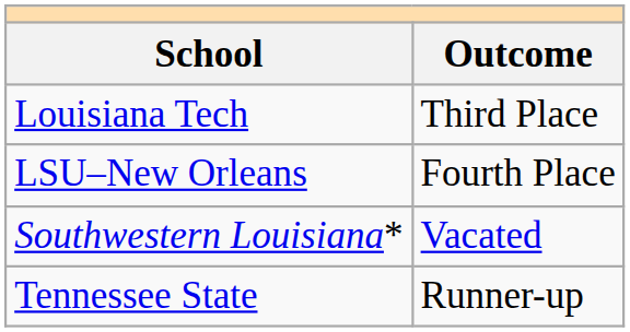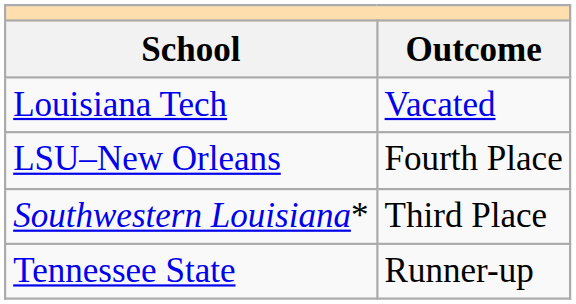 <table class="wikitable" style="float:left; margin-right:1em;">
 <tr>
 <th colspan="3" style="background:#ffdead;"></th>
 </tr>
 <tr>
 <th>School</th>
 <th>Outcome</th>
 </tr>
 <tr>
 <td><a href='#'>Louisiana Tech</a></td>
-<td>Third Place</td>
+<td><a href='#'>Vacated</a></td>
 </tr>
 <tr>
 <td><a href='#'>LSU–New Orleans</a></td>
 <td>Fourth Place</td>
 </tr>
 <tr>
 <td><em><a href='#'>Southwestern Louisiana</a></em>*</td>
-<td><a href='#'>Vacated</a></td>
+<td>Third Place</td>
 </tr>
 <tr>
 <td><a href='#'>Tennessee State</a></td>
 <td>Runner-up</td>
 </tr>
 </table>
